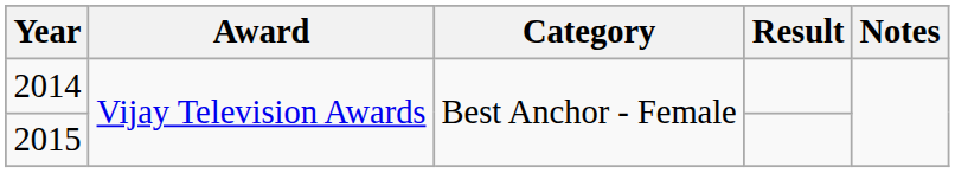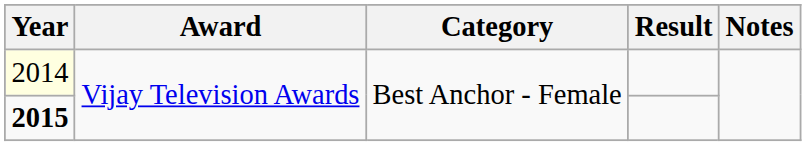 <table class="wikitable">
 <tr>
 <th>Year</th>
 <th>Award</th>
 <th>Category</th>
 <th>Result</th>
 <th>Notes</th>
 </tr>
 <tr>
-<td>2014</td>
+<td style="background: lightyellow;">2014</td>
 <td rowspan="2"><a href='#'>Vijay Television Awards</a></td>
 <td rowspan="2">Best Anchor - Female</td>
 <td></td>
 <td rowspan="2"></td>
 </tr>
 <tr>
-<td>2015</td>
+<td><strong>2015</strong></td>
 <td></td>
 </tr>
 </table>
